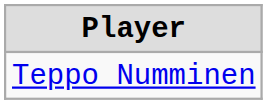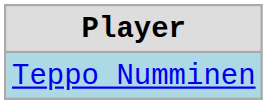 <table class="wikitable">
 <tr align="center"  bgcolor="#dddddd">
 <td><strong>Player</strong></td>
 </tr>
 <tr>
-<td><a href='#'>Teppo Numminen</a></td>
+<td style="background: lightblue;"><a href='#'>Teppo Numminen</a></td>
 </tr>
 </table>
